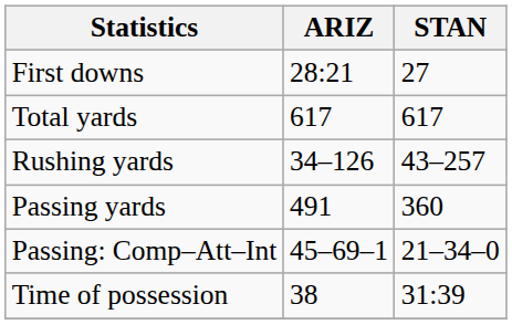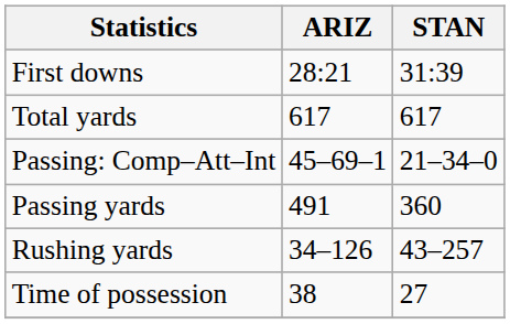 <table class="wikitable" style="float: left;">
 <tr>
 <th>Statistics</th>
 <th>ARIZ</th>
 <th>STAN</th>
 </tr>
 <tr>
 <td>First downs</td>
 <td>28:21</td>
-<td>27</td>
+<td>31:39</td>
 </tr>
 <tr>
 <td>Total yards</td>
 <td>617</td>
 <td>617</td>
 </tr>
 <tr>
-<td>Rushing yards</td>
-<td>34–126</td>
-<td>43–257</td>
+<td>Passing: Comp–Att–Int</td>
+<td>45–69–1</td>
+<td>21–34–0</td>
 </tr>
 <tr>
 <td>Passing yards</td>
 <td>491</td>
 <td>360</td>
 </tr>
 <tr>
-<td>Passing: Comp–Att–Int</td>
-<td>45–69–1</td>
-<td>21–34–0</td>
+<td>Rushing yards</td>
+<td>34–126</td>
+<td>43–257</td>
 </tr>
 <tr>
 <td>Time of possession</td>
 <td>38</td>
-<td>31:39</td>
+<td>27</td>
 </tr>
 <tr>
 </tr>
 </table>
